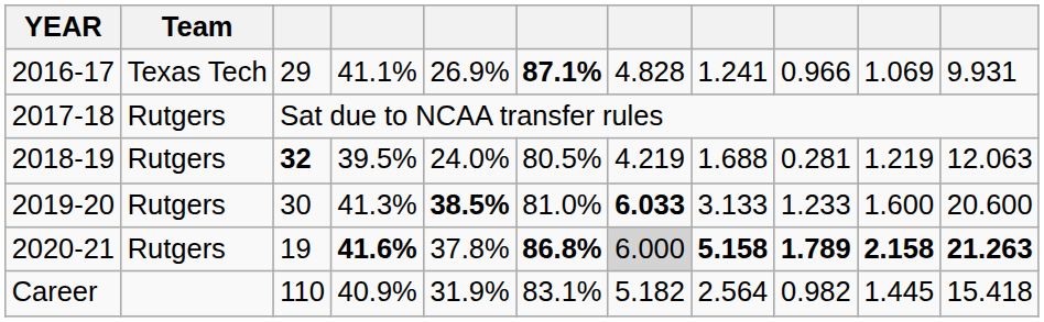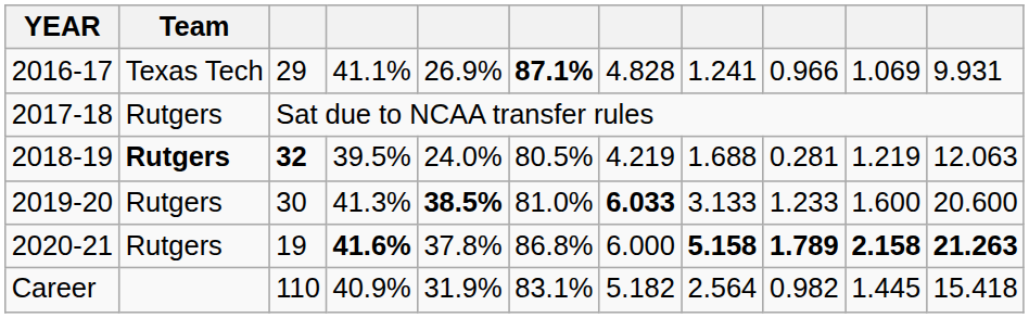 <table class="wikitable">
 <tr>
 <th>YEAR</th>
 <th>Team</th>
 <th></th>
 <th></th>
 <th></th>
 <th></th>
 <th></th>
 <th></th>
 <th></th>
 <th></th>
 <th></th>
 </tr>
 <tr>
 <td>2016-17</td>
 <td>Texas Tech</td>
 <td>29</td>
 <td>41.1%</td>
 <td>26.9%</td>
 <td><strong>87.1%</strong></td>
 <td>4.828</td>
 <td>1.241</td>
 <td>0.966</td>
 <td>1.069</td>
 <td>9.931</td>
 </tr>
 <tr>
 <td>2017-18</td>
 <td>Rutgers</td>
 <td colspan="9">Sat due to NCAA transfer rules</td>
 </tr>
 <tr>
 <td>2018-19</td>
-<td>Rutgers</td>
+<td><strong>Rutgers</strong></td>
 <td><strong>32</strong></td>
 <td>39.5%</td>
 <td>24.0%</td>
 <td>80.5%</td>
 <td>4.219</td>
 <td>1.688</td>
 <td>0.281</td>
 <td>1.219</td>
 <td>12.063</td>
 </tr>
 <tr>
 <td>2019-20</td>
 <td>Rutgers</td>
 <td>30</td>
 <td>41.3%</td>
 <td><strong>38.5%</strong></td>
 <td>81.0%</td>
 <td><strong>6.033</strong></td>
 <td>3.133</td>
 <td>1.233</td>
 <td>1.600</td>
 <td>20.600</td>
 </tr>
 <tr>
 <td>2020-21</td>
 <td>Rutgers</td>
 <td>19</td>
 <td><strong>41.6%</strong></td>
 <td>37.8%</td>
-<td><strong>86.8%</strong></td>
-<td style="background: lightgrey;">6.000</td>
+<td>86.8%</td>
+<td>6.000</td>
 <td><strong>5.158</strong></td>
 <td><strong>1.789</strong></td>
 <td><strong>2.158</strong></td>
 <td><strong>21.263</strong></td>
 </tr>
 <tr>
 <td>Career</td>
 <td></td>
 <td>110</td>
 <td>40.9%</td>
 <td>31.9%</td>
 <td>83.1%</td>
 <td>5.182</td>
 <td>2.564</td>
 <td>0.982</td>
 <td>1.445</td>
 <td>15.418</td>
 </tr>
 </table>
